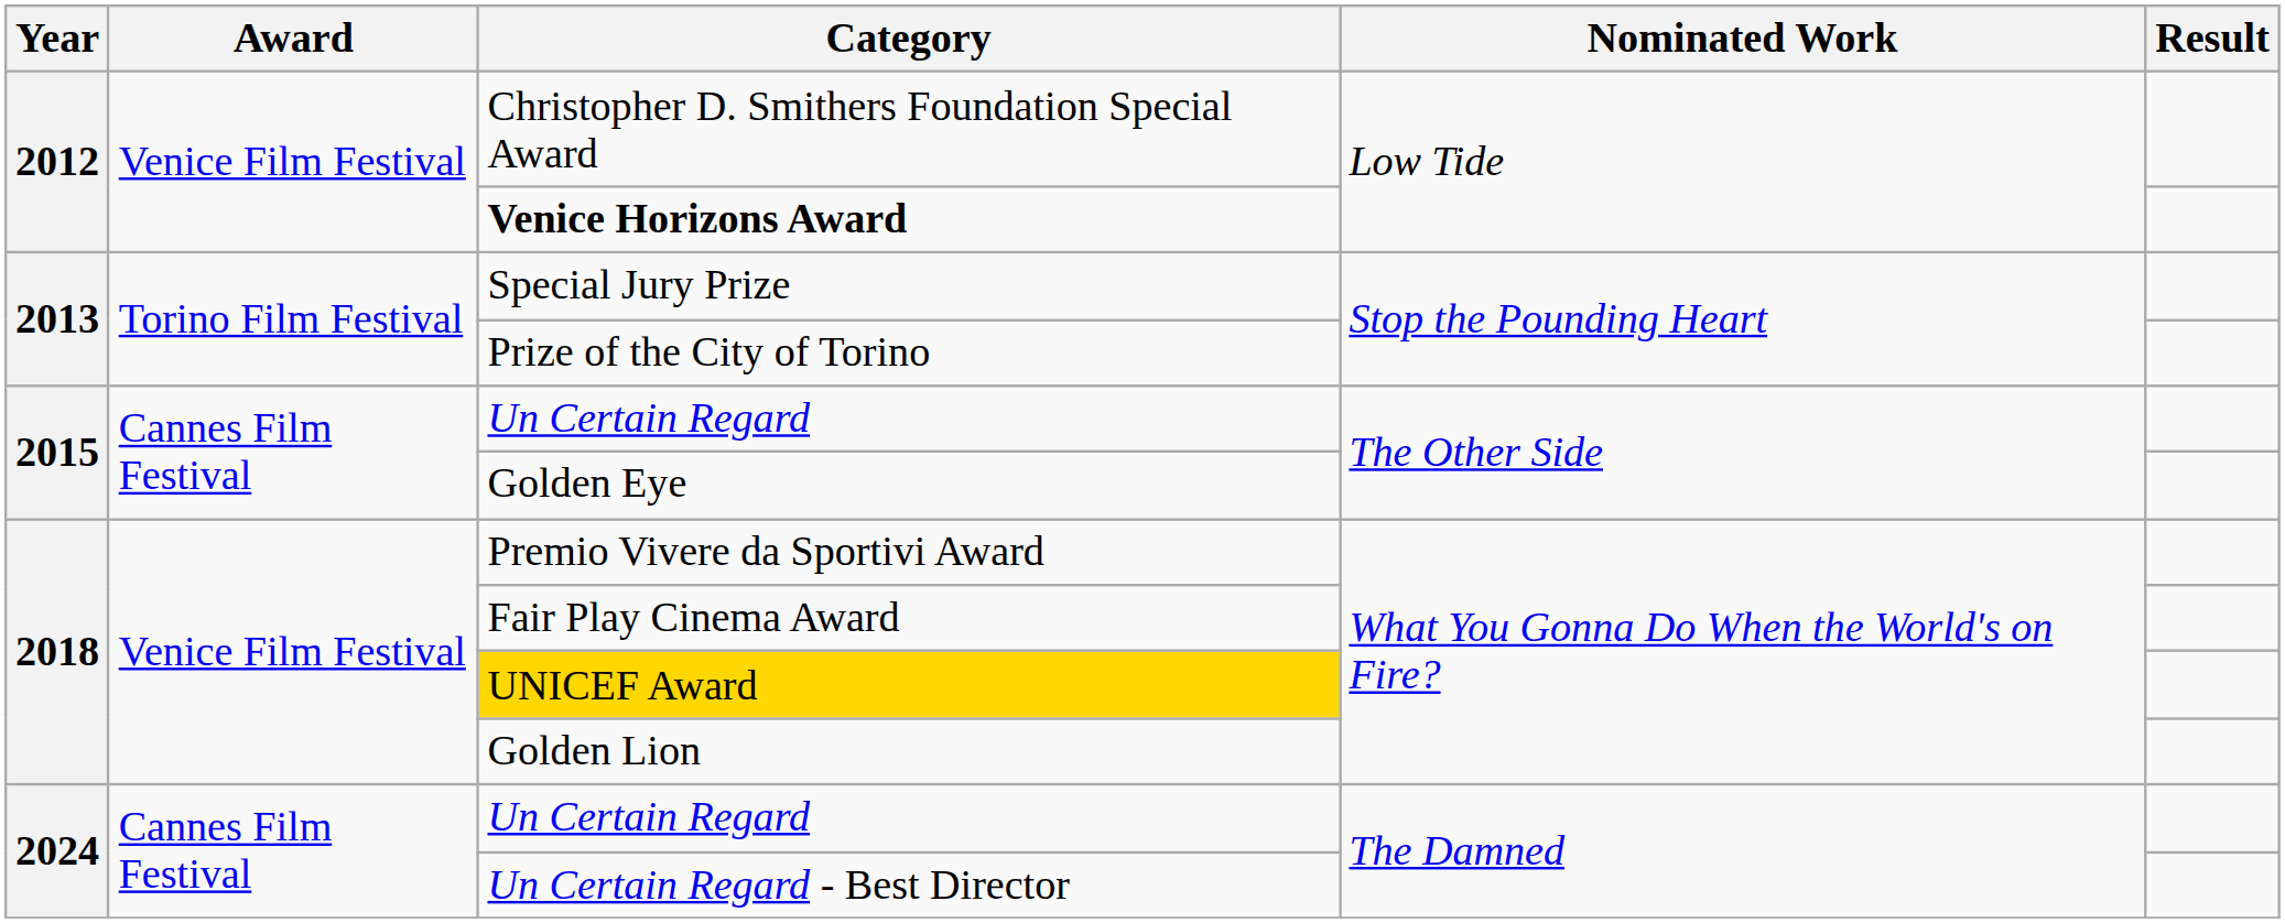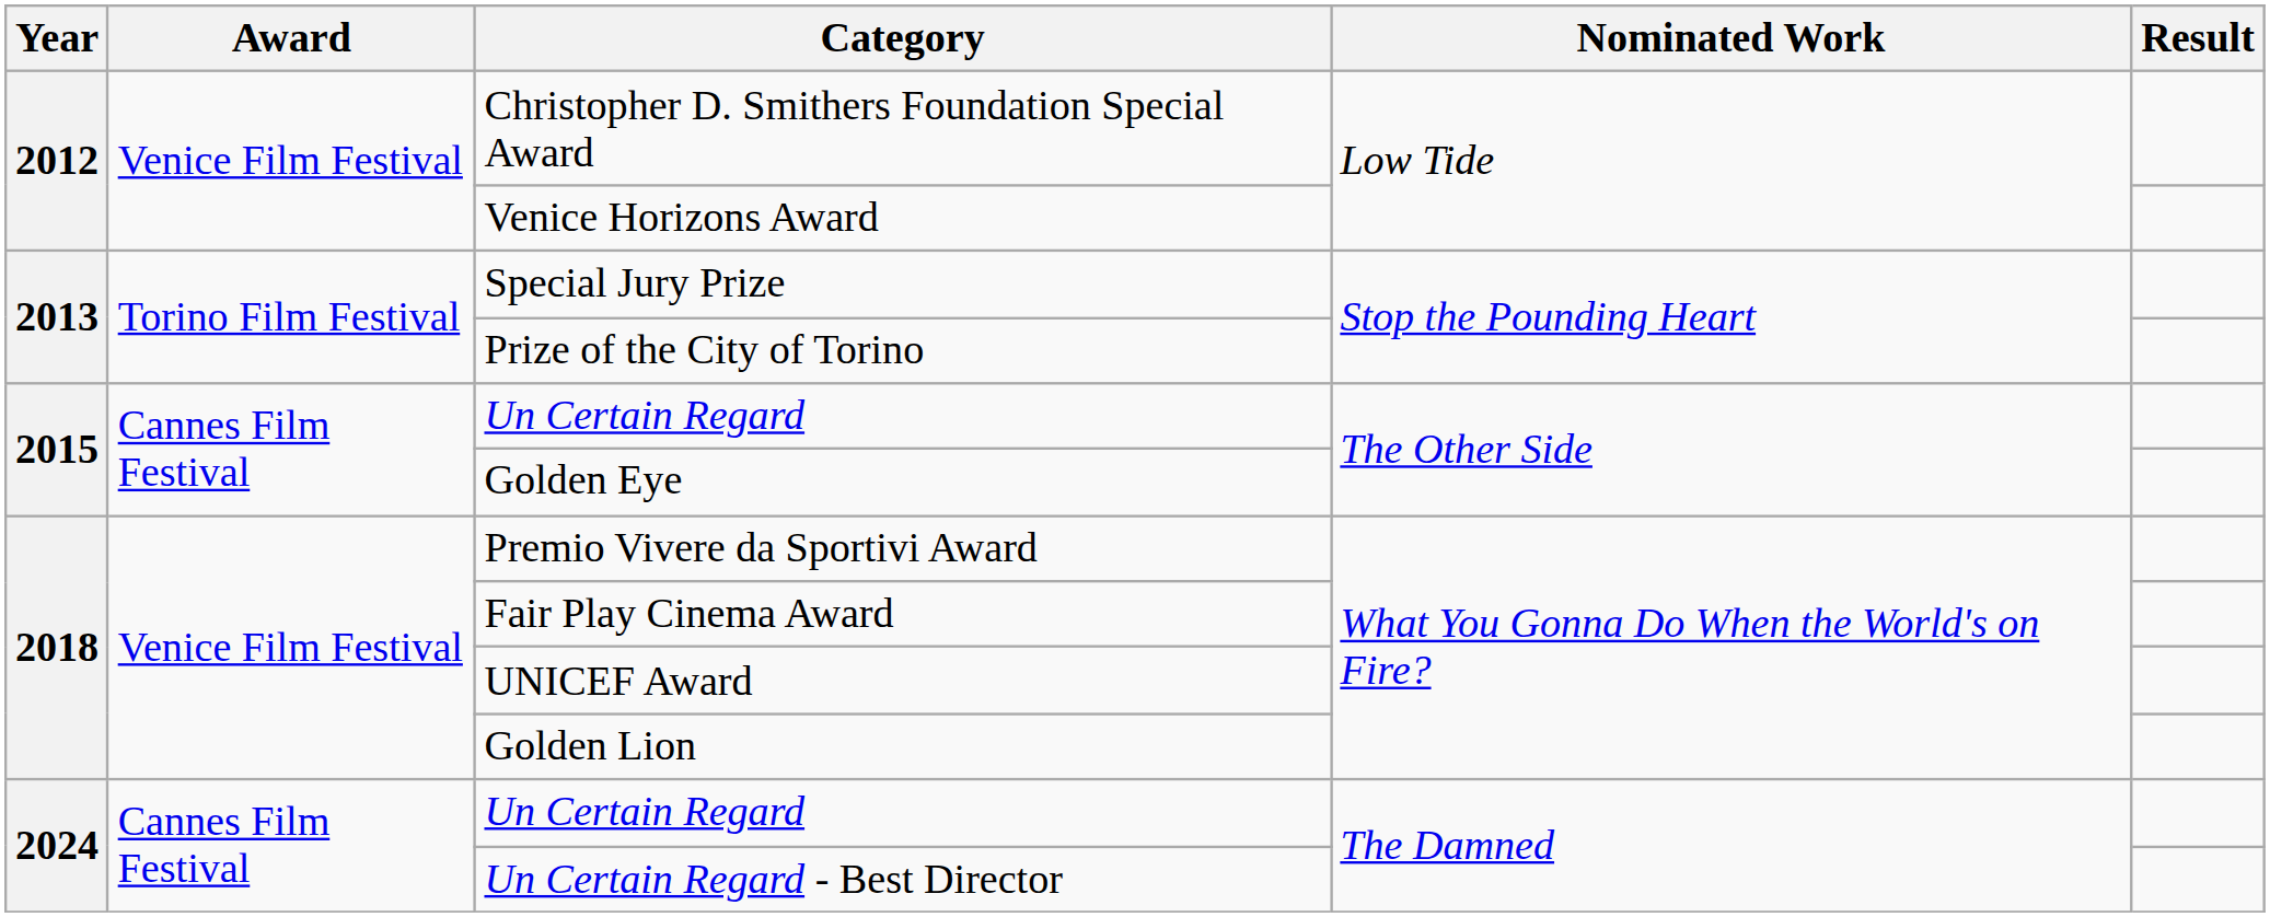 <table class="wikitable plainrowheaders">
 <tr>
 <th>Year</th>
 <th>Award</th>
 <th>Category</th>
 <th>Nominated Work</th>
 <th>Result</th>
 </tr>
 <tr>
 <th scope="row" rowspan="2">2012</th>
 <td rowspan="2"><a href='#'>Venice Film Festival</a></td>
 <td>Christopher D. Smithers Foundation Special Award</td>
 <td rowspan="2"><em>Low Tide</em></td>
 <td></td>
 </tr>
 <tr>
-<td><strong>Venice Horizons Award</strong></td>
+<td>Venice Horizons Award</td>
 <td></td>
 </tr>
 <tr>
 <th scope="row" rowspan="2">2013</th>
 <td rowspan="2"><a href='#'>Torino Film Festival</a></td>
 <td>Special Jury Prize</td>
 <td rowspan="2"><em><a href='#'>Stop the Pounding Heart</a></em></td>
 <td></td>
 </tr>
 <tr>
 <td>Prize of the City of Torino</td>
 <td></td>
 </tr>
 <tr>
 <th scope="row" rowspan="2">2015</th>
 <td rowspan="2"><a href='#'>Cannes Film Festival</a></td>
 <td><em><a href='#'>Un Certain Regard</a></em></td>
 <td rowspan="2"><em><a href='#'>The Other Side</a></em></td>
 <td></td>
 </tr>
 <tr>
 <td>Golden Eye</td>
 <td></td>
 </tr>
 <tr>
 <th scope="row" rowspan="4">2018</th>
 <td rowspan="4"><a href='#'>Venice Film Festival</a></td>
 <td>Premio Vivere da Sportivi Award</td>
 <td rowspan="4"><em><a href='#'>What You Gonna Do When the World's on Fire?</a></em></td>
 <td></td>
 </tr>
 <tr>
 <td>Fair Play Cinema Award</td>
 <td></td>
 </tr>
 <tr>
-<td style="background: gold;">UNICEF Award</td>
+<td>UNICEF Award</td>
 <td></td>
 </tr>
 <tr>
 <td>Golden Lion</td>
 <td></td>
 </tr>
 <tr>
 <th scope="row" rowspan="2">2024</th>
 <td rowspan="2"><a href='#'>Cannes Film Festival</a></td>
 <td><em><a href='#'>Un Certain Regard</a></em></td>
 <td rowspan="2"><em><a href='#'>The Damned</a></em></td>
 <td></td>
 </tr>
 <tr>
 <td><em><a href='#'>Un Certain Regard</a></em> - Best Director</td>
 <td></td>
 </tr>
 </table>
